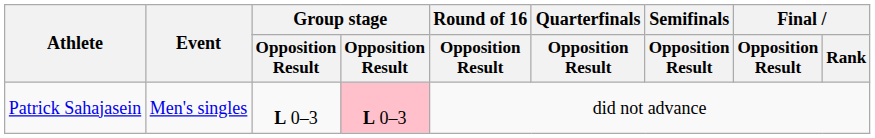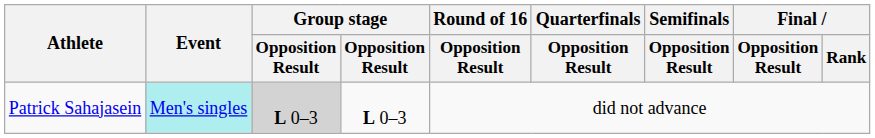 <table class="wikitable" style="font-size:90%">
 <tr>
 <th rowspan="2">Athlete</th>
 <th rowspan="2">Event</th>
 <th colspan=2>Group stage</th>
 <th>Round of 16</th>
 <th>Quarterfinals</th>
 <th>Semifinals</th>
 <th colspan=2>Final / </th>
 </tr>
 <tr style="font-size:95%">
 <th>Opposition<br>Result</th>
 <th>Opposition<br>Result</th>
 <th>Opposition<br>Result</th>
 <th>Opposition<br>Result</th>
 <th>Opposition<br>Result</th>
 <th>Opposition<br>Result</th>
 <th>Rank</th>
 </tr>
 <tr align=center>
 <td align=left><a href='#'>Patrick Sahajasein</a></td>
-<td align=left><a href='#'>Men's singles</a></td>
+<td align=left style="background: paleturquoise;"><a href='#'>Men's singles</a></td>
+<td style="background: lightgrey;"><br><strong>L</strong> 0–3</td>
 <td><br><strong>L</strong> 0–3</td>
-<td style="background: pink;"><br><strong>L</strong> 0–3</td>
 <td colspan=6>did not advance</td>
 </tr>
 </table>
